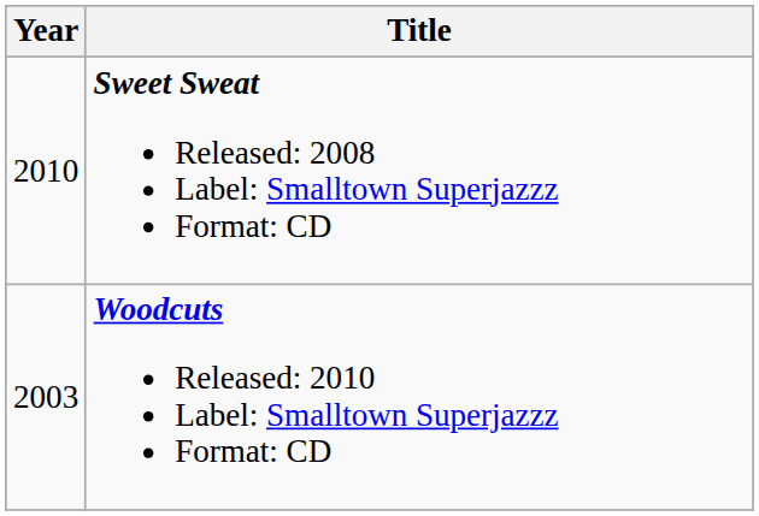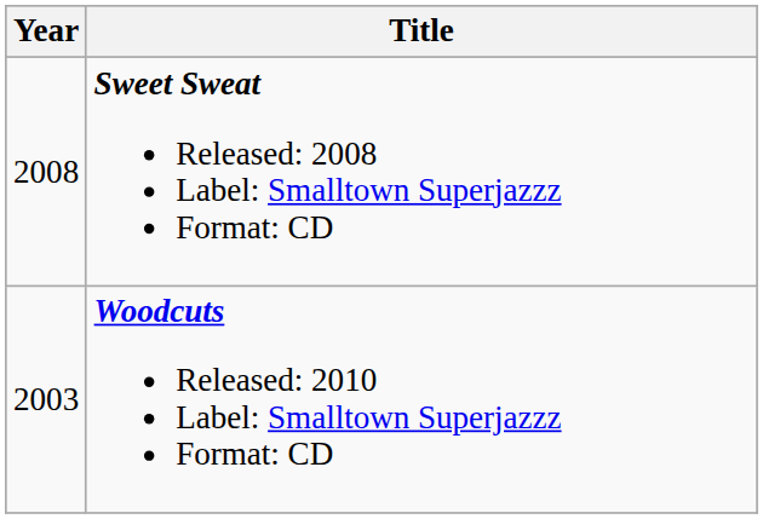 <table class="wikitable">
 <tr>
 <th>Year</th>
 <th style="width:225px;">Title</th>
 </tr>
 <tr>
-<td>2010</td>
+<td>2008</td>
 <td style="width:20em"><strong><em>Sweet Sweat</em></strong><br><ul><li>Released: 2008</li><li>Label: <a href='#'>Smalltown Superjazzz</a> </li><li>Format: CD</li></ul></td>
 </tr>
 <tr>
 <td>2003</td>
 <td style="width:20em"><strong><em><a href='#'>Woodcuts</a></em></strong><br><ul><li>Released: 2010</li><li>Label: <a href='#'>Smalltown Superjazzz</a> </li><li>Format: CD</li></ul></td>
 </tr>
 </table>
